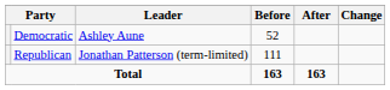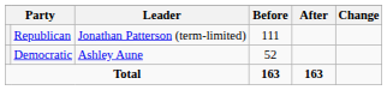 <table class="wikitable" style="text-align:center;">
 <tr>
 </tr>
 <tr>
 <th colspan="2">Party</th>
 <th>Leader</th>
 <th style="width:3em">Before</th>
 <th style="width:3em">After</th>
 <th style="width:3em">Change</th>
 </tr>
 <tr>
 <th style="background-color:"></th>
-<td style="text-align:left;"><a href='#'>Democratic</a></td>
-<td style="text-align:left;"><a href='#'>Ashley Aune</a></td>
-<td>52</td>
+<td style="text-align:left;"><a href='#'>Republican</a></td>
+<td style="text-align:left;"><a href='#'>Jonathan Patterson</a> (term-limited)</td>
+<td>111</td>
 <td></td>
 <td></td>
 </tr>
 <tr>
 <th style="background-color:"></th>
-<td style="text-align:left;"><a href='#'>Republican</a></td>
-<td style="text-align:left;"><a href='#'>Jonathan Patterson</a> (term-limited)</td>
-<td>111</td>
+<td style="text-align:left;"><a href='#'>Democratic</a></td>
+<td style="text-align:left;"><a href='#'>Ashley Aune</a></td>
+<td>52</td>
 <td></td>
 <td></td>
 </tr>
 <tr>
 <td colspan="3"><strong>Total</strong></td>
 <td><strong>163</strong></td>
 <td><strong>163</strong></td>
 <td></td>
 </tr>
 </table>
